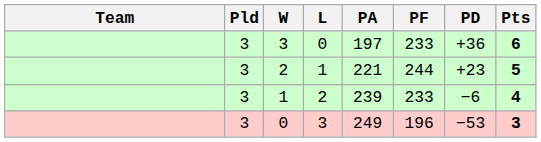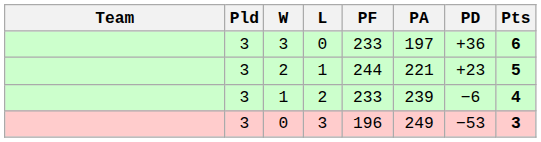 <table class="wikitable" style="text-align:center;">
 <tr>
 <th width=170>Team</th>
 <th width=25>Pld</th>
 <th width=25>W</th>
 <th width=25>L</th>
+<th width=35>PF</th>
 <th width=35>PA</th>
-<th width=35>PF</th>
 <th width=35>PD</th>
 <th width=25>Pts</th>
 </tr>
 <tr style="background: #ccffcc;">
 <td align="left"></td>
 <td>3</td>
 <td>3</td>
 <td>0</td>
+<td>233</td>
 <td>197</td>
-<td>233</td>
 <td>+36</td>
 <td><strong>6</strong></td>
 </tr>
 <tr style="background: #ccffcc;">
 <td align="left"></td>
 <td>3</td>
 <td>2</td>
 <td>1</td>
+<td>244</td>
 <td>221</td>
-<td>244</td>
 <td>+23</td>
 <td><strong>5</strong></td>
 </tr>
 <tr style="background: #ccffcc;">
 <td align="left"></td>
 <td>3</td>
 <td>1</td>
 <td>2</td>
+<td>233</td>
 <td>239</td>
-<td>233</td>
 <td>−6</td>
 <td><strong>4</strong></td>
 </tr>
 <tr style="background: #ffcccc;">
 <td align="left"></td>
 <td>3</td>
 <td>0</td>
 <td>3</td>
+<td>196</td>
 <td>249</td>
-<td>196</td>
 <td>−53</td>
 <td><strong>3</strong></td>
 </tr>
 </table>
